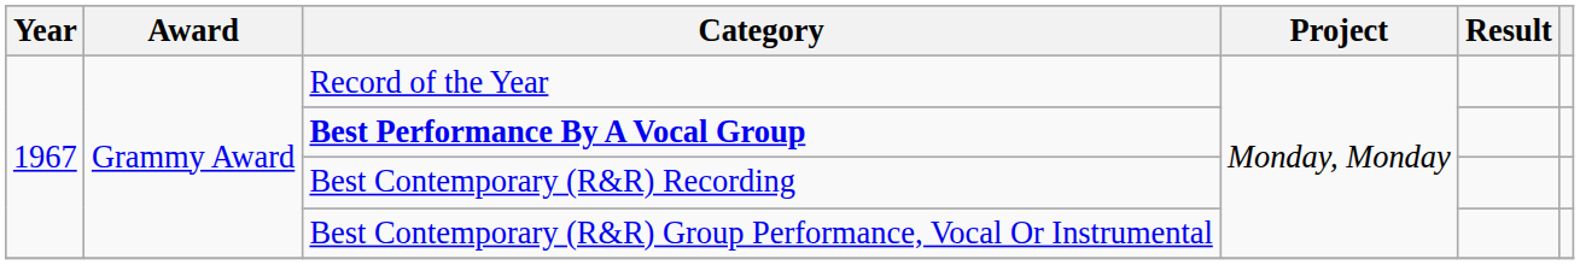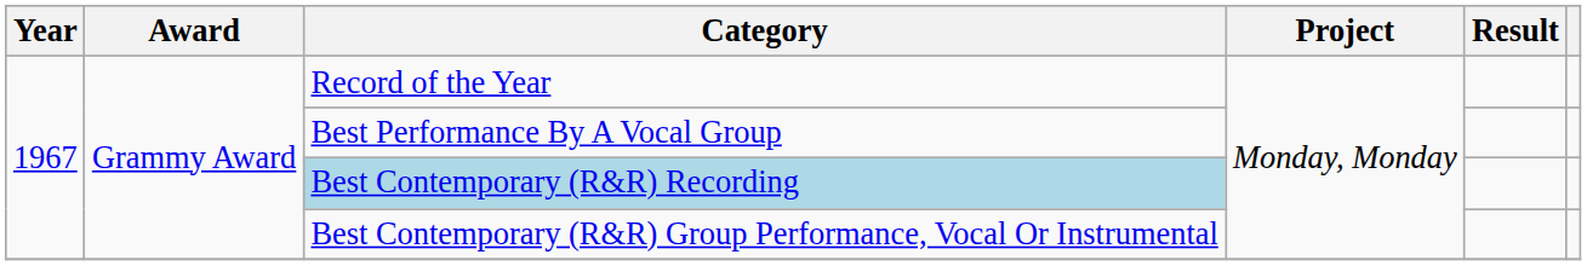 <table class="wikitable sortable">
 <tr>
 <th>Year</th>
 <th>Award</th>
 <th>Category</th>
 <th>Project</th>
 <th>Result</th>
 <th class="unsortable"></th>
 </tr>
 <tr>
 <td rowspan=4><a href='#'>1967</a></td>
 <td rowspan=4><a href='#'>Grammy Award</a></td>
 <td><a href='#'>Record of the Year</a></td>
 <td rowspan=4><em>Monday, Monday</em></td>
 <td></td>
 <td></td>
 </tr>
 <tr>
-<td><strong><a href='#'>Best Performance By A Vocal Group</a></strong></td>
+<td><a href='#'>Best Performance By A Vocal Group</a></td>
 <td></td>
 <td></td>
 </tr>
 <tr>
-<td><a href='#'>Best Contemporary (R&R) Recording</a></td>
+<td style="background: lightblue;"><a href='#'>Best Contemporary (R&R) Recording</a></td>
 <td></td>
 <td></td>
 </tr>
 <tr>
 <td><a href='#'>Best Contemporary (R&R) Group Performance, Vocal Or Instrumental</a></td>
 <td></td>
 <td></td>
 </tr>
 <tr>
 </tr>
 </table>
